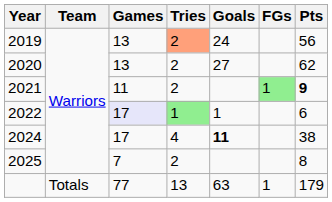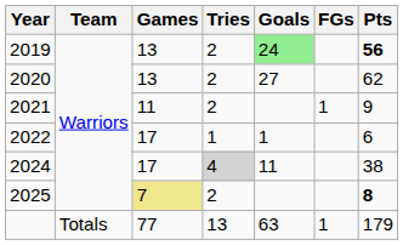 <table class="wikitable">
 <tr>
 <th>Year</th>
 <th>Team</th>
 <th>Games</th>
 <th>Tries</th>
 <th>Goals</th>
 <th>FGs</th>
 <th>Pts</th>
 </tr>
 <tr>
 <td>2019</td>
 <td rowspan="6"> <a href='#'>Warriors</a></td>
 <td>13</td>
-<td style="background: lightsalmon;">2</td>
-<td>24</td>
+<td>2</td>
+<td style="background: lightgreen;">24</td>
 <td></td>
-<td>56</td>
+<td><strong>56</strong></td>
 </tr>
 <tr>
 <td>2020</td>
 <td>13</td>
 <td>2</td>
 <td>27</td>
 <td></td>
 <td>62</td>
 </tr>
 <tr>
 <td>2021</td>
 <td>11</td>
 <td>2</td>
 <td></td>
-<td style="background: lightgreen;">1</td>
-<td><strong>9</strong></td>
+<td>1</td>
+<td>9</td>
 </tr>
 <tr>
 <td>2022</td>
-<td style="background: lavender;">17</td>
-<td style="background: lightgreen;">1</td>
+<td>17</td>
+<td>1</td>
 <td>1</td>
 <td></td>
 <td>6</td>
 </tr>
 <tr>
 <td>2024</td>
 <td>17</td>
-<td>4</td>
-<td><strong>11</strong></td>
+<td style="background: lightgrey;">4</td>
+<td>11</td>
 <td></td>
 <td>38</td>
 </tr>
 <tr>
 <td>2025</td>
-<td>7</td>
+<td style="background: khaki;">7</td>
 <td>2</td>
 <td></td>
 <td></td>
-<td>8</td>
+<td><strong>8</strong></td>
 </tr>
 <tr>
 <td></td>
 <td>Totals</td>
 <td>77</td>
 <td>13</td>
 <td>63</td>
 <td>1</td>
 <td>179</td>
 </tr>
 </table>
